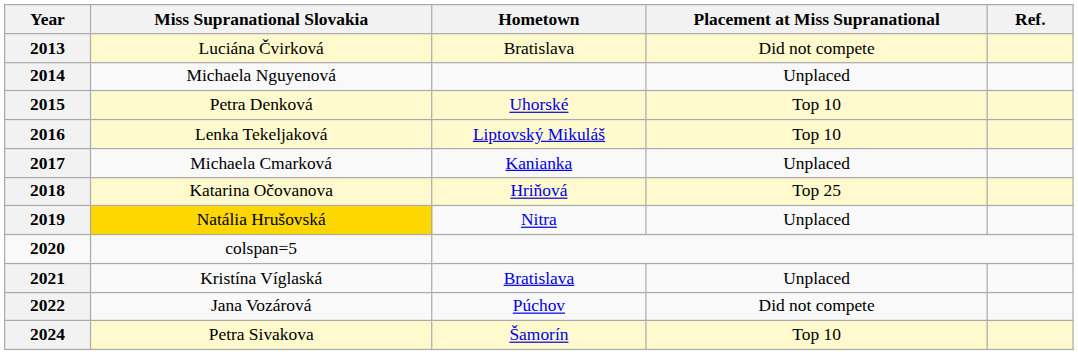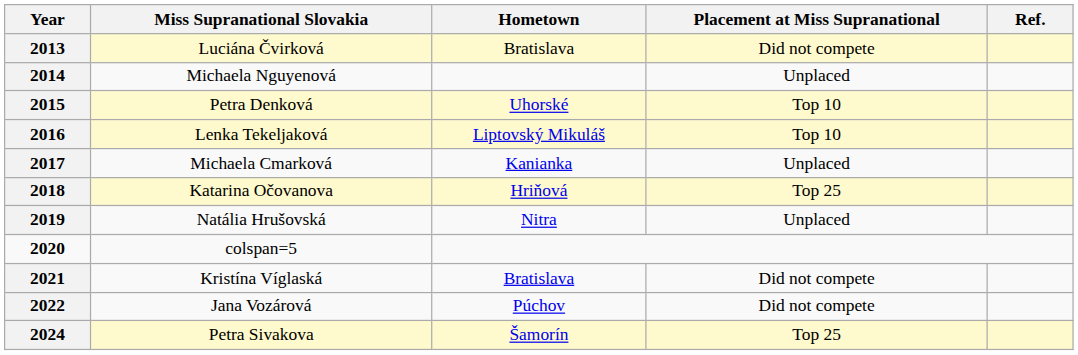 <table class="wikitable" style="text-align:center; font-size:90%; line-height:17px; width:100%;">
 <tr>
 <th style="width:04%;" scope="col">Year</th>
 <th style="width:16%;" scope="col">Miss Supranational Slovakia</th>
 <th style="width:10%;" scope="col">Hometown</th>
 <th style="width:16%;" scope="col">Placement at Miss Supranational</th>
 <th style="width:04%;" scope="col">Ref.</th>
 </tr>
 <tr style="background:#FFFACD;">
 <th>2013</th>
 <td>Luciána Čvirková</td>
 <td>Bratislava</td>
 <td>Did not compete</td>
 <td></td>
 </tr>
 <tr>
 <th>2014</th>
 <td>Michaela Nguyenová</td>
 <td></td>
 <td>Unplaced</td>
 <td></td>
 </tr>
 <tr>
 <th>2015</th>
 <td style="background:#FFFACD;">Petra Denková</td>
 <td style="background:#FFFACD;"><a href='#'>Uhorské</a></td>
 <td style="background:#FFFACD;">Top 10</td>
 <td style="background:#FFFACD;"></td>
 </tr>
 <tr>
 <th>2016</th>
 <td style="background:#FFFACD;">Lenka Tekeljaková</td>
 <td style="background:#FFFACD;"><a href='#'>Liptovský Mikuláš</a></td>
 <td style="background:#FFFACD;">Top 10</td>
 <td style="background:#FFFACD;"></td>
 </tr>
 <tr>
 <th>2017</th>
 <td>Michaela Cmarková</td>
 <td><a href='#'>Kanianka</a></td>
 <td>Unplaced</td>
 <td></td>
 </tr>
 <tr>
 <th>2018</th>
 <td style="background:#FFFACD;">Katarina Očovanova</td>
 <td style="background:#FFFACD;"><a href='#'>Hriňová</a></td>
 <td style="background:#FFFACD;">Top 25</td>
 <td style="background:#FFFACD;"></td>
 </tr>
 <tr>
 <th>2019</th>
-<td style="background: gold;">Natália Hrušovská</td>
+<td>Natália Hrušovská</td>
 <td><a href='#'>Nitra</a></td>
 <td>Unplaced</td>
 <td></td>
 </tr>
 <tr>
 <td><strong>2020</strong></td>
 <td>colspan=5 </td>
 </tr>
 <tr>
 <th>2021</th>
 <td>Kristína Víglaská</td>
 <td><a href='#'>Bratislava</a></td>
-<td>Unplaced</td>
+<td>Did not compete</td>
 <td></td>
 </tr>
 <tr>
 <th>2022</th>
 <td>Jana Vozárová</td>
 <td><a href='#'>Púchov</a></td>
 <td>Did not compete</td>
 <td></td>
 </tr>
 <tr>
 <th>2024</th>
 <td style="background:#FFFACD;">Petra Sivakova</td>
 <td style="background:#FFFACD;"><a href='#'>Šamorín</a></td>
-<td style="background:#FFFACD;">Top 10</td>
+<td style="background:#FFFACD;">Top 25</td>
 <td style="background:#FFFACD;"></td>
 </tr>
 </table>
